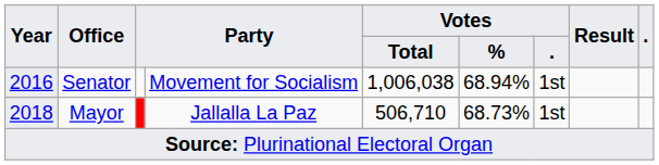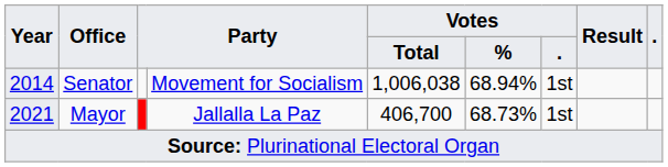 <table class="wikitable" style="font-size:90%; text-align:center;">
 <tr>
 <th style="background-color:#EAECF0;" rowspan=2>Year</th>
 <th style="background-color:#EAECF0;" rowspan=2>Office</th>
 <th style="background-color:#EAECF0;" colspan=2 rowspan=2>Party</th>
 <th style="background-color:#EAECF0;" colspan=3>Votes</th>
 <th style="background-color:#EAECF0;" rowspan=2>Result</th>
 <th style="background-color:#EAECF0;" rowspan=2>.</th>
 </tr>
 <tr>
 <th style="background-color:#EAECF0;">Total</th>
 <th style="background-color:#EAECF0;">%</th>
 <th style="background-color:#EAECF0;">.</th>
 </tr>
 <tr>
-<td style="background-color:#EAECF0;"><a href='#'>2016</a></td>
+<td style="background-color:#EAECF0;"><a href='#'>2014</a></td>
 <td><a href='#'>Senator</a></td>
 <td style="background-color:"></td>
 <td><a href='#'>Movement for Socialism</a></td>
 <td>1,006,038</td>
 <td>68.94%</td>
 <td>1st</td>
 <td></td>
 <td></td>
 </tr>
 <tr>
-<td style="background-color:#EAECF0;"><a href='#'>2018</a></td>
+<td style="background-color:#EAECF0;"><a href='#'>2021</a></td>
 <td><a href='#'>Mayor</a></td>
 <td style="background-color:#FD0002;"></td>
 <td><a href='#'>Jallalla La Paz</a></td>
-<td>506,710</td>
+<td>406,700</td>
 <td>68.73%</td>
 <td>1st</td>
 <td></td>
 <td></td>
 </tr>
 <tr>
 <td style="background-color:#EAECF0;" colspan=9><strong>Source:</strong> <a href='#'>Plurinational Electoral Organ</a>  </td>
 </tr>
 </table>
